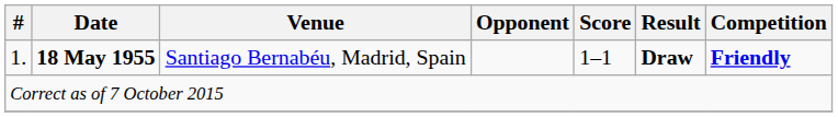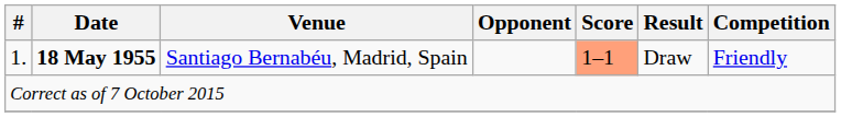 <table class="wikitable" style="font-size:97%;">
 <tr>
 <th>#</th>
 <th>Date</th>
 <th>Venue</th>
 <th>Opponent</th>
 <th>Score</th>
 <th>Result</th>
 <th>Competition</th>
 </tr>
 <tr>
 <td>1.</td>
 <td><strong>18 May 1955</strong></td>
 <td><a href='#'>Santiago Bernabéu</a>, Madrid, Spain</td>
 <td></td>
-<td>1–1</td>
-<td><strong>Draw</strong></td>
-<td><strong><a href='#'>Friendly</a></strong></td>
+<td style="background: lightsalmon;">1–1</td>
+<td>Draw</td>
+<td><a href='#'>Friendly</a></td>
 </tr>
 <tr>
 <td colspan="15"><small><em>Correct as of 7 October 2015</em></small></td>
 </tr>
 <tr>
 </tr>
 </table>
